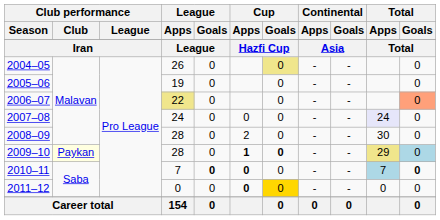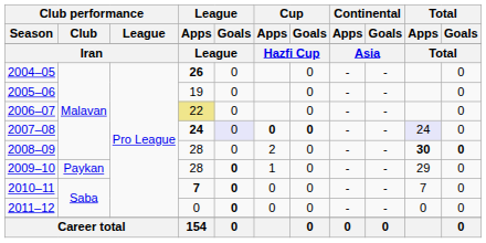 <table class="wikitable" style="text-align:center">
 <tr>
 <th colspan=3>Club performance</th>
 <th colspan=2>League</th>
 <th colspan=2>Cup</th>
 <th colspan=2>Continental</th>
 <th colspan=2>Total</th>
 </tr>
 <tr>
 <th>Season</th>
 <th>Club</th>
 <th>League</th>
 <th>Apps</th>
 <th>Goals</th>
 <th>Apps</th>
 <th>Goals</th>
 <th>Apps</th>
 <th>Goals</th>
 <th>Apps</th>
 <th>Goals</th>
 </tr>
 <tr>
 </tr>
 <tr>
 <th colspan=3>Iran</th>
 <th colspan=2>League</th>
 <th colspan=2><a href='#'>Hazfi Cup</a></th>
 <th colspan=2><a href='#'>Asia</a></th>
 <th colspan=2>Total</th>
 </tr>
 <tr>
 <td><a href='#'>2004–05</a></td>
 <td rowspan="5"><a href='#'>Malavan</a></td>
 <td rowspan="8"><a href='#'>Pro League</a></td>
-<td>26</td>
+<td><strong>26</strong></td>
 <td>0</td>
 <td></td>
-<td style="background: khaki;">0</td>
+<td>0</td>
 <td>-</td>
 <td>-</td>
 <td></td>
 <td>0</td>
 </tr>
 <tr>
 <td><a href='#'>2005–06</a></td>
 <td>19</td>
 <td>0</td>
 <td></td>
 <td>0</td>
 <td>-</td>
 <td>-</td>
 <td></td>
 <td>0</td>
 </tr>
 <tr>
 <td><a href='#'>2006–07</a></td>
 <td style="background: khaki;">22</td>
 <td>0</td>
 <td></td>
 <td>0</td>
 <td>-</td>
 <td>-</td>
 <td></td>
-<td style="background: lightsalmon;">0</td>
+<td>0</td>
 </tr>
 <tr>
 <td><a href='#'>2007–08</a></td>
-<td>24</td>
-<td>0</td>
-<td>0</td>
-<td>0</td>
+<td><strong>24</strong></td>
+<td style="background: lavender;">0</td>
+<td><strong>0</strong></td>
+<td><strong>0</strong></td>
 <td>-</td>
 <td>-</td>
 <td style="background: lavender;">24</td>
 <td>0</td>
 </tr>
 <tr>
 <td><a href='#'>2008–09</a></td>
 <td>28</td>
 <td>0</td>
 <td>2</td>
 <td>0</td>
 <td>-</td>
 <td>-</td>
-<td>30</td>
-<td>0</td>
+<td><strong>30</strong></td>
+<td><strong>0</strong></td>
 </tr>
 <tr>
 <td><a href='#'>2009–10</a></td>
-<td rowspan="1" style="background: lightyellow;"><a href='#'>Paykan</a></td>
+<td rowspan="1"><a href='#'>Paykan</a></td>
 <td>28</td>
+<td><strong>0</strong></td>
+<td>1</td>
 <td>0</td>
-<td><strong>1</strong></td>
-<td><strong>0</strong></td>
 <td>-</td>
 <td>-</td>
-<td style="background: khaki;">29</td>
-<td style="background: lightblue;">0</td>
+<td>29</td>
+<td>0</td>
 </tr>
 <tr>
 <td><a href='#'>2010–11</a></td>
 <td rowspan="2"><a href='#'>Saba</a></td>
-<td>7</td>
+<td><strong>7</strong></td>
 <td><strong>0</strong></td>
-<td><strong>0</strong></td>
+<td>0</td>
 <td>0</td>
 <td>-</td>
 <td>-</td>
-<td style="background: lightblue;">7</td>
-<td><strong>0</strong></td>
+<td>7</td>
+<td>0</td>
 </tr>
 <tr>
 <td><a href='#'>2011–12</a></td>
 <td>0</td>
+<td><strong>0</strong></td>
 <td>0</td>
-<td><strong>0</strong></td>
-<td style="background: gold;">0</td>
+<td>0</td>
 <td>-</td>
 <td>-</td>
 <td>0</td>
 <td>0</td>
 </tr>
 <tr>
 </tr>
 <tr>
 <th colspan=3>Career total</th>
 <th>154</th>
 <th>0</th>
 <th></th>
 <th>0</th>
 <th>0</th>
 <th>0</th>
 <th></th>
 <th>0</th>
 </tr>
 </table>
